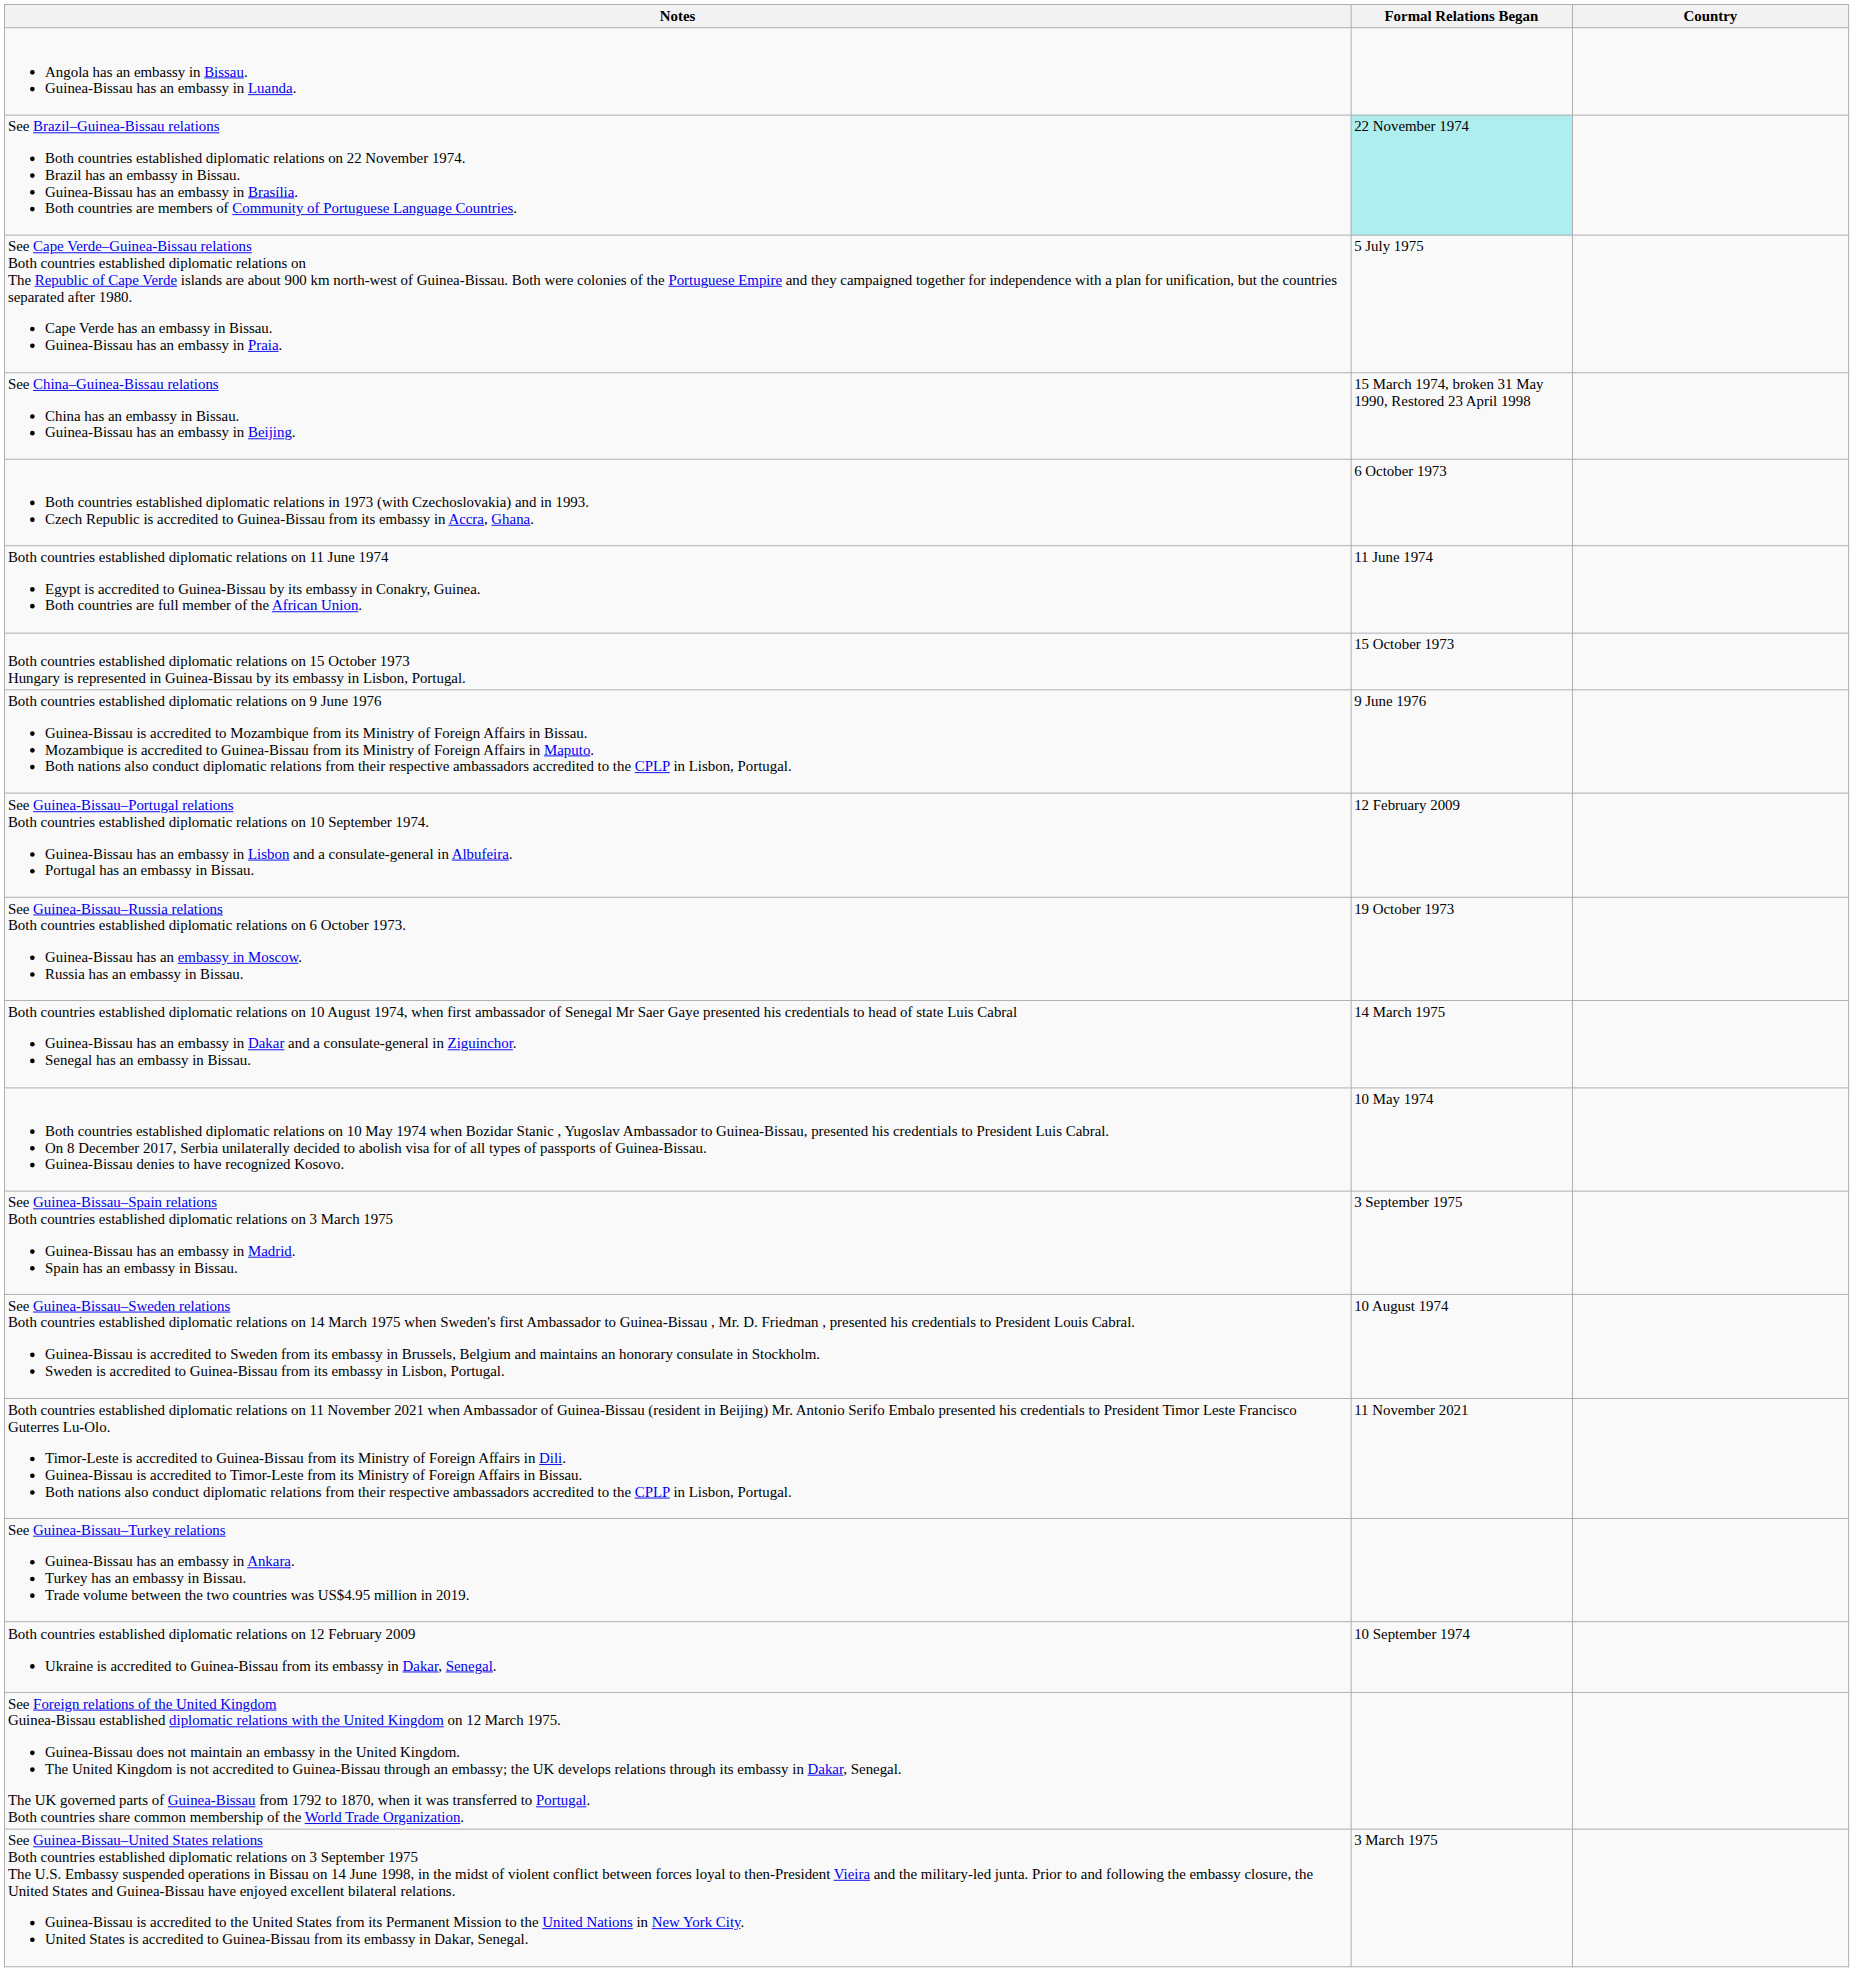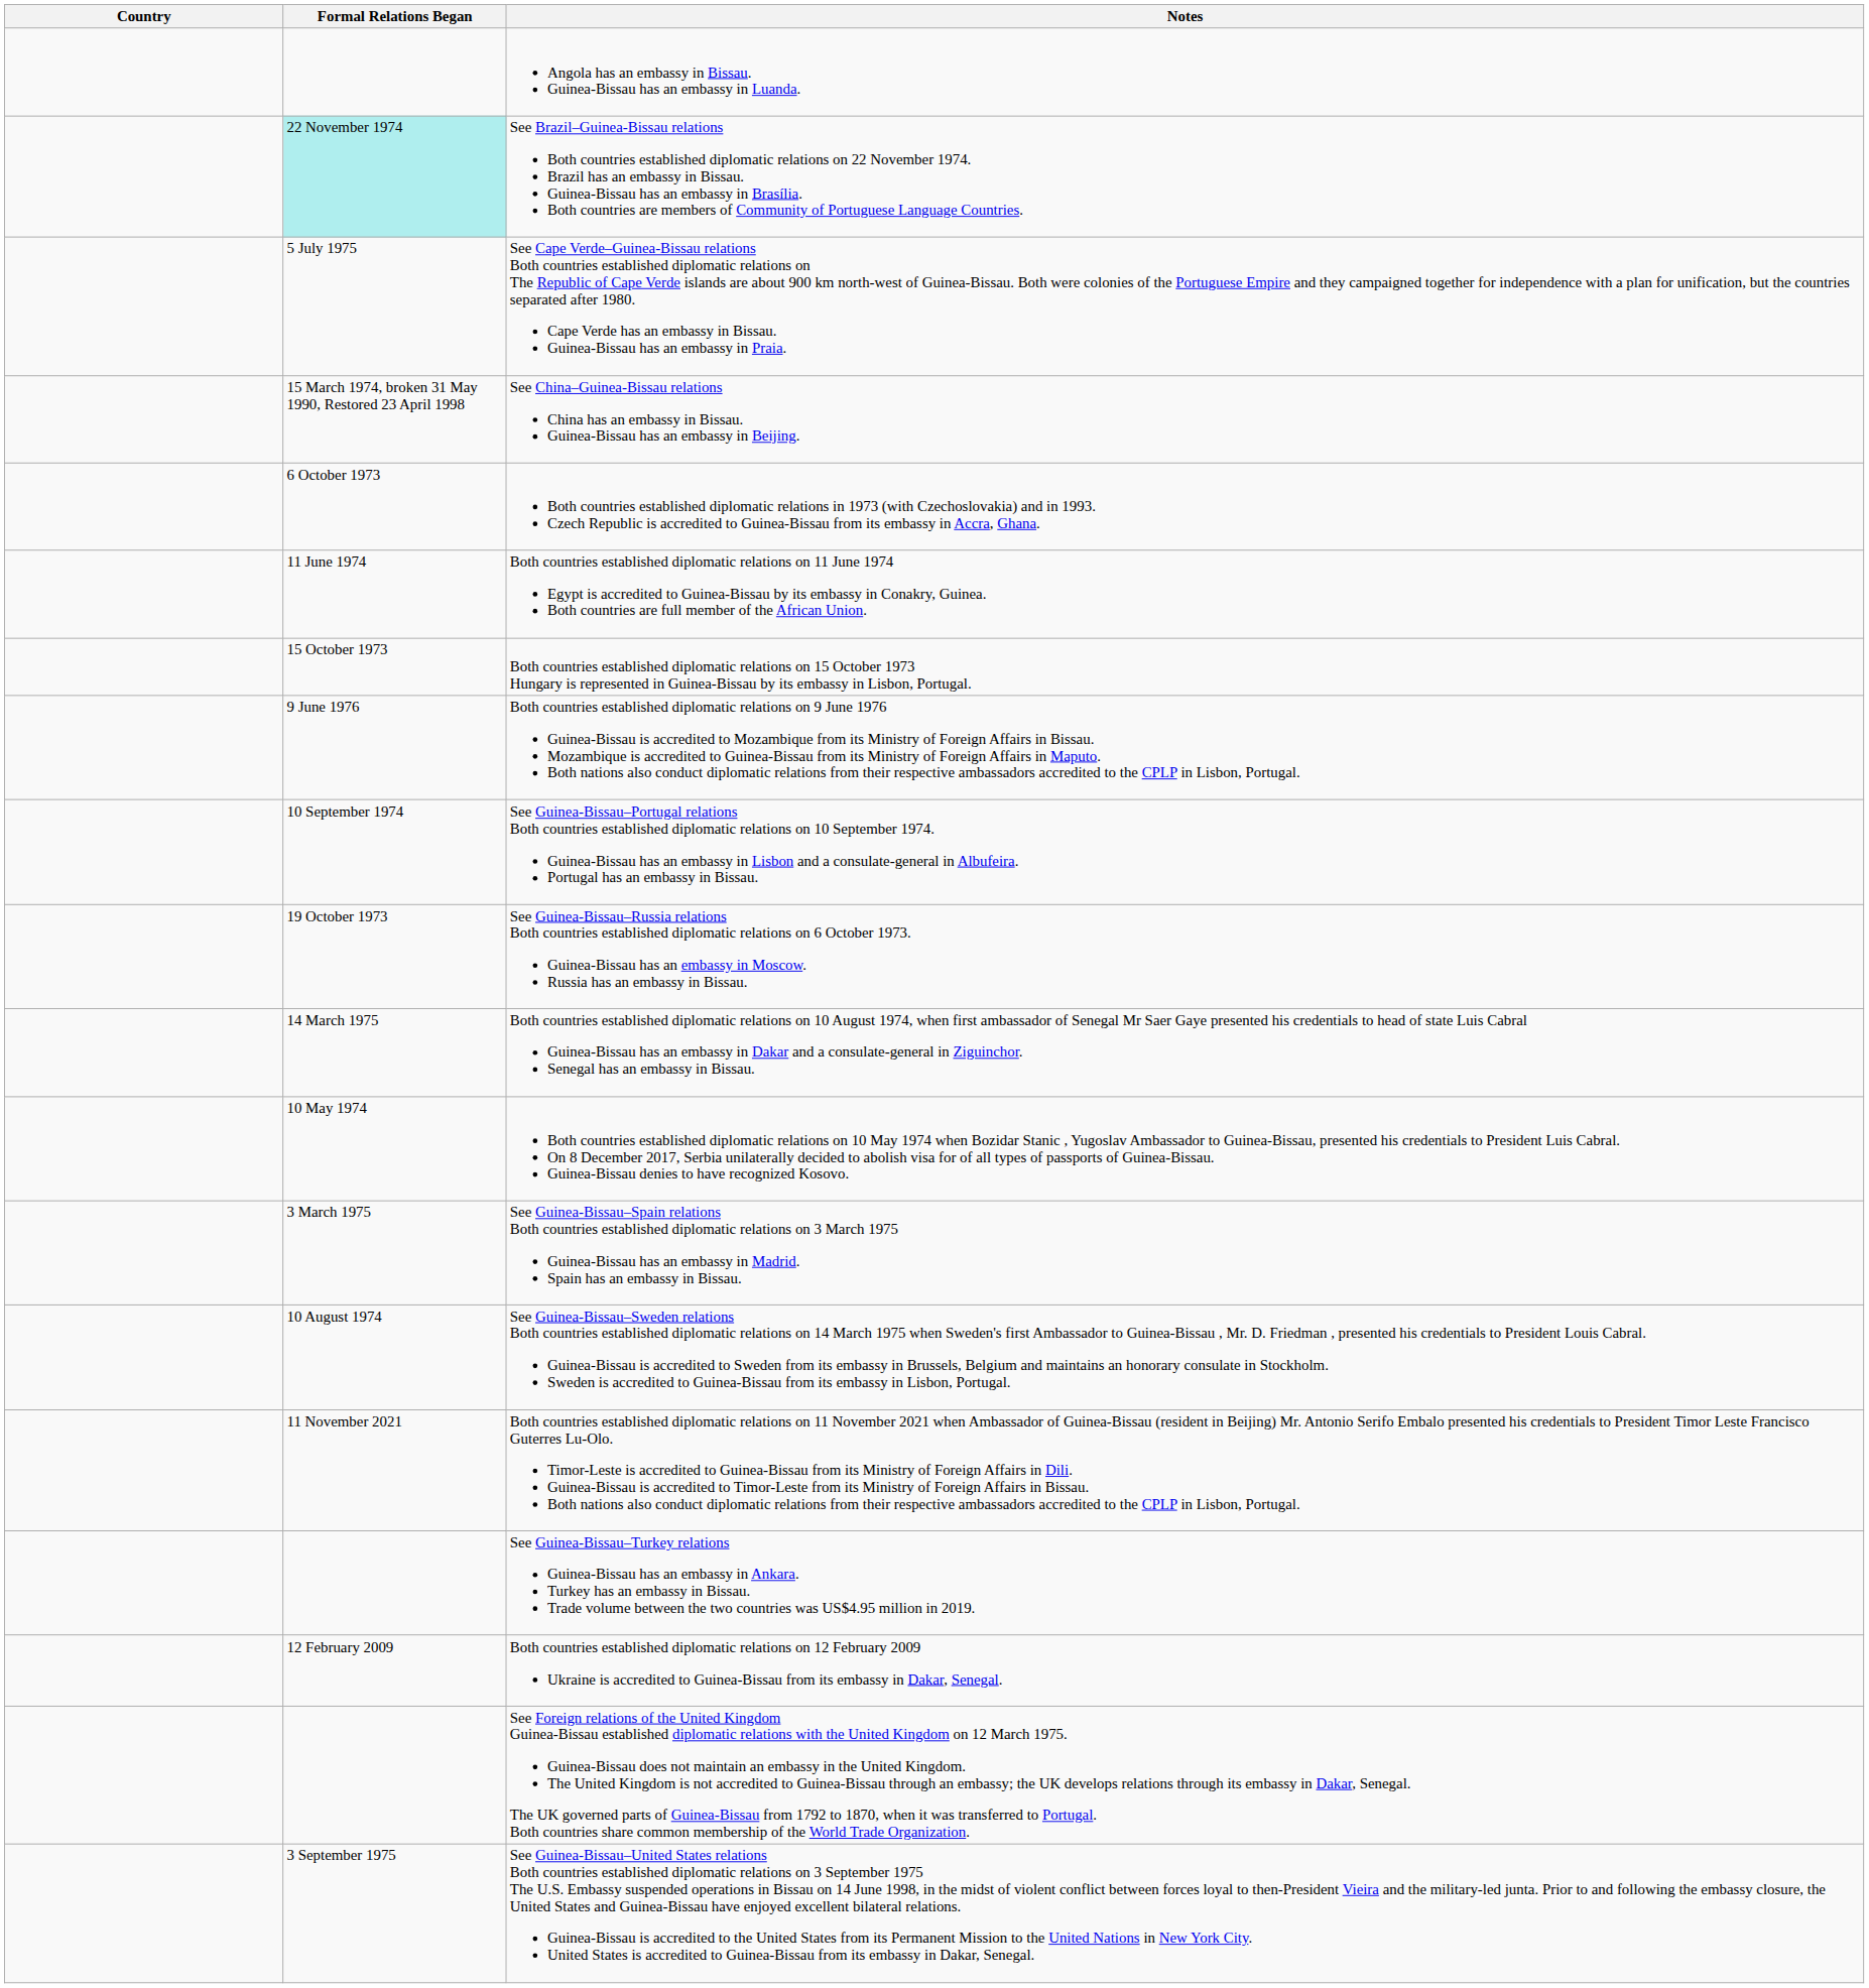 <table class="wikitable sortable" style="width:100%; margin:auto;">
 <tr>
+<th style="width:15%;">Country</th>
+<th style="width:12%;">Formal Relations Began</th>
 <th>Notes</th>
-<th style="width:12%;">Formal Relations Began</th>
-<th style="width:15%;">Country</th>
 </tr>
 <tr valign="top">
-<td><br><ul><li>Angola has an embassy in <a href='#'>Bissau</a>.</li><li>Guinea-Bissau has an embassy in <a href='#'>Luanda</a>.</li></ul></td>
 <td></td>
 <td></td>
+<td><br><ul><li>Angola has an embassy in <a href='#'>Bissau</a>.</li><li>Guinea-Bissau has an embassy in <a href='#'>Luanda</a>.</li></ul></td>
 </tr>
 <tr valign="top">
+<td></td>
+<td style="background: paleturquoise;">22 November 1974</td>
 <td>See <a href='#'>Brazil–Guinea-Bissau relations</a><br><ul><li>Both countries established diplomatic relations on 22 November 1974.</li><li>Brazil has an embassy in Bissau.</li><li>Guinea-Bissau has an embassy in <a href='#'>Brasília</a>.</li><li>Both countries are members of <a href='#'>Community of Portuguese Language Countries</a>.</li></ul></td>
-<td style="background: paleturquoise;">22 November 1974</td>
-<td></td>
 </tr>
 <tr valign="top">
+<td></td>
+<td>5 July 1975</td>
 <td>See <a href='#'>Cape Verde–Guinea-Bissau relations</a><br>Both countries established diplomatic relations on <br>The <a href='#'>Republic of Cape Verde</a> islands are about 900 km north-west of Guinea-Bissau. Both were colonies of the <a href='#'>Portuguese Empire</a> and they campaigned together for independence with a plan for unification, but the countries separated after 1980.<ul><li>Cape Verde has an embassy in Bissau.</li><li>Guinea-Bissau has an embassy in <a href='#'>Praia</a>.</li></ul></td>
-<td>5 July 1975</td>
-<td></td>
 </tr>
 <tr valign="top">
+<td></td>
+<td>15 March 1974, broken 31 May 1990, Restored 23 April 1998</td>
 <td>See <a href='#'>China–Guinea-Bissau relations</a><br><ul><li>China has an embassy in Bissau.</li><li>Guinea-Bissau has an embassy in <a href='#'>Beijing</a>.</li></ul></td>
-<td>15 March 1974, broken 31 May 1990, Restored 23 April 1998</td>
-<td></td>
 </tr>
 <tr valign="top">
+<td></td>
+<td>6 October 1973</td>
 <td><br><ul><li>Both countries established diplomatic relations in 1973 (with Czechoslovakia) and in 1993.</li><li>Czech Republic is accredited to Guinea-Bissau from its embassy in <a href='#'>Accra</a>, <a href='#'>Ghana</a>.</li></ul></td>
-<td>6 October 1973</td>
-<td></td>
 </tr>
 <tr valign="top">
+<td></td>
+<td>11 June 1974</td>
 <td>Both countries established diplomatic relations on 11 June 1974<br><ul><li>Egypt is accredited to Guinea-Bissau by its embassy in Conakry, Guinea.</li><li>Both countries are full member of the <a href='#'>African Union</a>.</li></ul></td>
-<td>11 June 1974</td>
-<td></td>
 </tr>
 <tr valign="top">
+<td></td>
+<td>15 October 1973</td>
 <td><br>Both countries established diplomatic relations on 15 October 1973<br>Hungary is represented in Guinea-Bissau by its embassy in Lisbon, Portugal.</td>
-<td>15 October 1973</td>
-<td></td>
 </tr>
 <tr valign="top">
+<td></td>
+<td>9 June 1976</td>
 <td>Both countries established diplomatic relations on 9 June 1976<br><ul><li>Guinea-Bissau is accredited to Mozambique from its Ministry of Foreign Affairs in Bissau.</li><li>Mozambique is accredited to Guinea-Bissau from its Ministry of Foreign Affairs in <a href='#'>Maputo</a>.</li><li>Both nations also conduct diplomatic relations from their respective ambassadors accredited to the <a href='#'>CPLP</a> in Lisbon, Portugal.</li></ul></td>
-<td>9 June 1976</td>
-<td></td>
 </tr>
 <tr valign="top">
+<td></td>
+<td>10 September 1974</td>
 <td>See <a href='#'>Guinea-Bissau–Portugal relations</a><br>Both countries established diplomatic relations on 10 September 1974.<ul><li>Guinea-Bissau has an embassy in <a href='#'>Lisbon</a> and a consulate-general in <a href='#'>Albufeira</a>.</li><li>Portugal has an embassy in Bissau.</li></ul></td>
-<td>12 February 2009</td>
-<td></td>
 </tr>
 <tr valign="top">
+<td></td>
+<td>19 October 1973</td>
 <td>See <a href='#'>Guinea-Bissau–Russia relations</a><br>Both countries established diplomatic relations on 6 October 1973.<ul><li>Guinea-Bissau has an <a href='#'>embassy in Moscow</a>.</li><li>Russia has an embassy in Bissau.</li></ul></td>
-<td>19 October 1973</td>
-<td></td>
 </tr>
 <tr valign="top">
+<td></td>
+<td>14 March 1975</td>
 <td>Both countries established diplomatic relations on 10 August 1974, when first ambassador of Senegal Mr Saer Gaye presented his credentials to head of state Luis Cabral<br><ul><li>Guinea-Bissau has an embassy in <a href='#'>Dakar</a> and a consulate-general in <a href='#'>Ziguinchor</a>.</li><li>Senegal has an embassy in Bissau.</li></ul></td>
-<td>14 March 1975</td>
-<td></td>
 </tr>
 <tr valign="top">
+<td></td>
+<td>10 May 1974</td>
 <td><br><ul><li>Both countries established diplomatic relations on 10 May 1974 when Bozidar Stanic , Yugoslav Ambassador to Guinea-Bissau, presented his credentials to President Luis Cabral.</li><li>On 8 December 2017, Serbia unilaterally decided to abolish visa for of all types of passports of Guinea-Bissau.</li><li>Guinea-Bissau denies to have recognized Kosovo.</li></ul></td>
-<td>10 May 1974</td>
-<td></td>
 </tr>
 <tr valign="top">
+<td></td>
+<td>3 March 1975</td>
 <td>See <a href='#'>Guinea-Bissau–Spain relations</a><br>Both countries established diplomatic relations on 3 March 1975<ul><li>Guinea-Bissau has an embassy in <a href='#'>Madrid</a>.</li><li>Spain has an embassy in Bissau.</li></ul></td>
-<td>3 September 1975</td>
-<td></td>
 </tr>
 <tr valign="top">
+<td></td>
+<td>10 August 1974</td>
 <td>See <a href='#'>Guinea-Bissau–Sweden relations</a><br>Both countries established diplomatic relations on 14 March 1975 when Sweden's first Ambassador to Guinea-Bissau , Mr. D. Friedman , presented his credentials to President Louis Cabral.<ul><li>Guinea-Bissau is accredited to Sweden from its embassy in Brussels, Belgium and maintains an honorary consulate in Stockholm.</li><li>Sweden is accredited to Guinea-Bissau from its embassy in Lisbon, Portugal.</li></ul></td>
-<td>10 August 1974</td>
-<td></td>
 </tr>
 <tr valign="top">
+<td></td>
+<td>11 November 2021</td>
 <td>Both countries established diplomatic relations on 11 November 2021 when Ambassador of Guinea-Bissau (resident in Beijing) Mr. Antonio Serifo Embalo presented his credentials to President Timor Leste Francisco Guterres Lu-Olo.<br><ul><li>Timor-Leste is accredited to Guinea-Bissau from its Ministry of Foreign Affairs in <a href='#'>Dili</a>.</li><li>Guinea-Bissau is accredited to Timor-Leste from its Ministry of Foreign Affairs in Bissau.</li><li>Both nations also conduct diplomatic relations from their respective ambassadors accredited to the <a href='#'>CPLP</a> in Lisbon, Portugal.</li></ul></td>
-<td>11 November 2021</td>
-<td></td>
 </tr>
 <tr valign="top">
-<td>See <a href='#'>Guinea-Bissau–Turkey relations</a><br><ul><li>Guinea-Bissau has an embassy in <a href='#'>Ankara</a>.</li><li>Turkey has an embassy in Bissau.</li><li>Trade volume between the two countries was US$4.95 million in 2019.</li></ul></td>
 <td></td>
 <td></td>
+<td>See <a href='#'>Guinea-Bissau–Turkey relations</a><br><ul><li>Guinea-Bissau has an embassy in <a href='#'>Ankara</a>.</li><li>Turkey has an embassy in Bissau.</li><li>Trade volume between the two countries was US$4.95 million in 2019.</li></ul></td>
 </tr>
 <tr valign="top">
+<td></td>
+<td>12 February 2009</td>
 <td>Both countries established diplomatic relations on 12 February 2009<br><ul><li>Ukraine is accredited to Guinea-Bissau from its embassy in <a href='#'>Dakar</a>, <a href='#'>Senegal</a>.</li></ul></td>
-<td>10 September 1974</td>
-<td></td>
 </tr>
 <tr valign="top">
-<td>See <a href='#'>Foreign relations of the United Kingdom</a><br>Guinea-Bissau established <a href='#'>diplomatic relations with the United Kingdom</a> on 12 March 1975.<ul><li>Guinea-Bissau does not maintain an embassy in the United Kingdom.</li><li>The United Kingdom is not accredited to Guinea-Bissau through an embassy; the UK develops relations through its embassy in <a href='#'>Dakar</a>, Senegal.</li></ul>The UK governed parts of <a href='#'>Guinea-Bissau</a> from 1792 to 1870, when it was transferred to <a href='#'>Portugal</a>.<br>Both countries share common membership of the <a href='#'>World Trade Organization</a>.</td>
 <td></td>
 <td></td>
+<td>See <a href='#'>Foreign relations of the United Kingdom</a><br>Guinea-Bissau established <a href='#'>diplomatic relations with the United Kingdom</a> on 12 March 1975.<ul><li>Guinea-Bissau does not maintain an embassy in the United Kingdom.</li><li>The United Kingdom is not accredited to Guinea-Bissau through an embassy; the UK develops relations through its embassy in <a href='#'>Dakar</a>, Senegal.</li></ul>The UK governed parts of <a href='#'>Guinea-Bissau</a> from 1792 to 1870, when it was transferred to <a href='#'>Portugal</a>.<br>Both countries share common membership of the <a href='#'>World Trade Organization</a>.</td>
 </tr>
 <tr valign="top">
+<td></td>
+<td>3 September 1975</td>
 <td>See <a href='#'>Guinea-Bissau–United States relations</a><br>Both countries established diplomatic relations on 3 September 1975<br>The U.S. Embassy suspended operations in Bissau on 14 June 1998, in the midst of violent conflict between forces loyal to then-President <a href='#'>Vieira</a> and the military-led junta. Prior to and following the embassy closure, the United States and Guinea-Bissau have enjoyed excellent bilateral relations.<ul><li>Guinea-Bissau is accredited to the United States from its Permanent Mission to the <a href='#'>United Nations</a> in <a href='#'>New York City</a>.</li><li>United States is accredited to Guinea-Bissau from its embassy in Dakar, Senegal.</li></ul></td>
-<td>3 March 1975</td>
-<td></td>
 </tr>
 </table>
